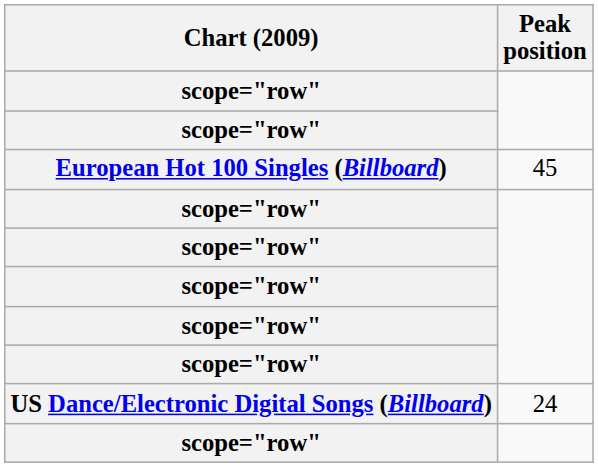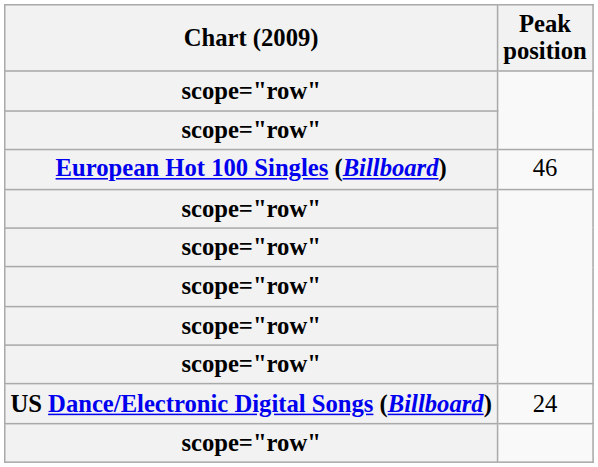 <table class="wikitable sortable plainrowheaders" style="text-align:center">
 <tr>
 <th>Chart (2009)</th>
 <th>Peak<br>position</th>
 </tr>
 <tr>
 <th>scope="row"</th>
 </tr>
 <tr>
 <th>scope="row"</th>
 </tr>
 <tr>
 <th scope="row"><a href='#'>European Hot 100 Singles</a> (<em><a href='#'>Billboard</a></em>)</th>
-<td>45</td>
+<td>46</td>
 </tr>
 <tr>
 <th>scope="row"</th>
 </tr>
 <tr>
 <th>scope="row"</th>
 </tr>
 <tr>
 <th>scope="row"</th>
 </tr>
 <tr>
 <th>scope="row"</th>
 </tr>
 <tr>
 <th>scope="row"</th>
 </tr>
 <tr>
 <th scope="row">US <a href='#'>Dance/Electronic Digital Songs</a> (<em><a href='#'>Billboard</a></em>)</th>
 <td>24</td>
 </tr>
 <tr>
 <th>scope="row"</th>
 </tr>
 </table>
